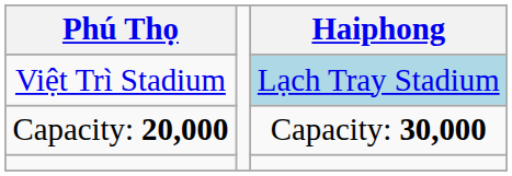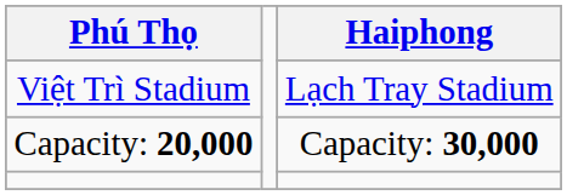 <table class="wikitable" style="text-align:center;">
 <tr>
 <th><a href='#'>Phú Thọ</a></th>
 <td rowspan=4></td>
 <th><a href='#'>Haiphong</a></th>
 </tr>
 <tr>
 <td><a href='#'>Việt Trì Stadium</a></td>
-<td style="background: lightblue;"><a href='#'>Lạch Tray Stadium</a></td>
+<td><a href='#'>Lạch Tray Stadium</a></td>
 </tr>
 <tr>
 <td>Capacity: <strong>20,000</strong></td>
 <td>Capacity: <strong>30,000</strong></td>
 </tr>
 <tr>
 <td></td>
 <td></td>
 </tr>
 </table>
